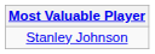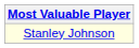 <table class=wikitable style="text-align:center">
 <tr>
 <th><a href='#'>Most Valuable Player</a></th>
 </tr>
 <tr>
-<td> <a href='#'>Stanley Johnson</a></td>
+<td style="background: lightyellow;"> <a href='#'>Stanley Johnson</a></td>
 </tr>
 </table>
